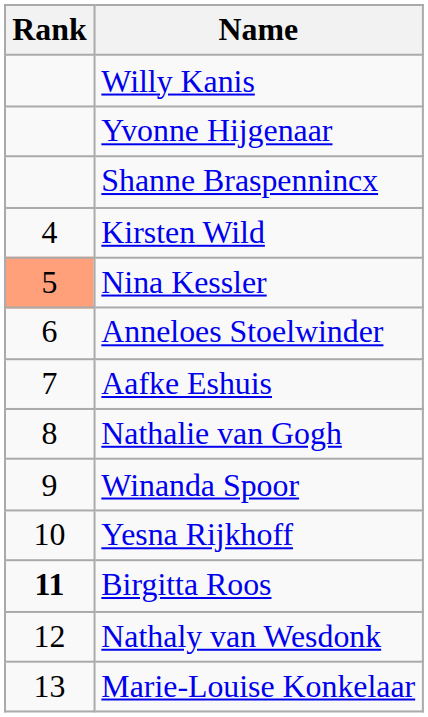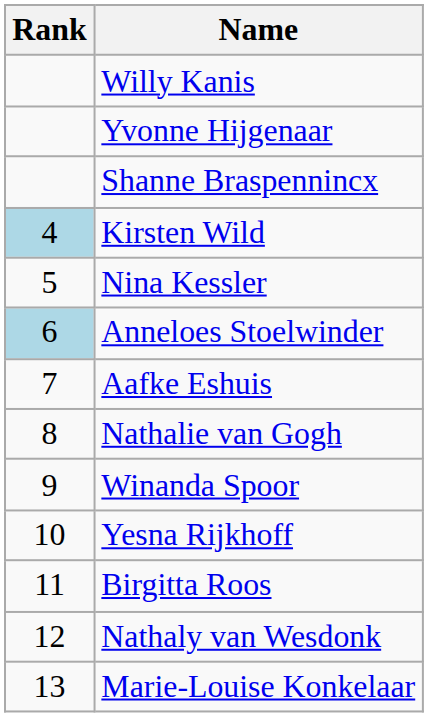 <table class="wikitable sortable" style="text-align:center">
 <tr>
 <th>Rank</th>
 <th>Name</th>
 </tr>
 <tr>
 <td></td>
 <td align=left><a href='#'>Willy Kanis</a></td>
 </tr>
 <tr>
 <td></td>
 <td align=left><a href='#'>Yvonne Hijgenaar</a></td>
 </tr>
 <tr>
 <td></td>
 <td align=left><a href='#'>Shanne Braspennincx</a></td>
 </tr>
 <tr>
-<td>4</td>
+<td style="background: lightblue;">4</td>
 <td align=left><a href='#'>Kirsten Wild</a></td>
 </tr>
 <tr>
-<td style="background: lightsalmon;">5</td>
+<td>5</td>
 <td align=left><a href='#'>Nina Kessler</a></td>
 </tr>
 <tr>
-<td>6</td>
+<td style="background: lightblue;">6</td>
 <td align=left><a href='#'>Anneloes Stoelwinder</a></td>
 </tr>
 <tr>
 <td>7</td>
 <td align=left><a href='#'>Aafke Eshuis</a></td>
 </tr>
 <tr>
 <td>8</td>
 <td align=left><a href='#'>Nathalie van Gogh</a></td>
 </tr>
 <tr>
 <td>9</td>
 <td align=left><a href='#'>Winanda Spoor</a></td>
 </tr>
 <tr>
 <td>10</td>
 <td align=left><a href='#'>Yesna Rijkhoff</a></td>
 </tr>
 <tr>
-<td><strong>11</strong></td>
+<td>11</td>
 <td align=left><a href='#'>Birgitta Roos</a></td>
 </tr>
 <tr>
 <td>12</td>
 <td align=left><a href='#'>Nathaly van Wesdonk</a></td>
 </tr>
 <tr>
 <td>13</td>
 <td align=left><a href='#'>Marie-Louise Konkelaar</a></td>
 </tr>
 </table>
